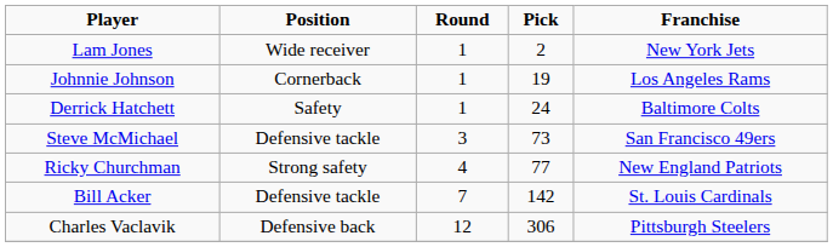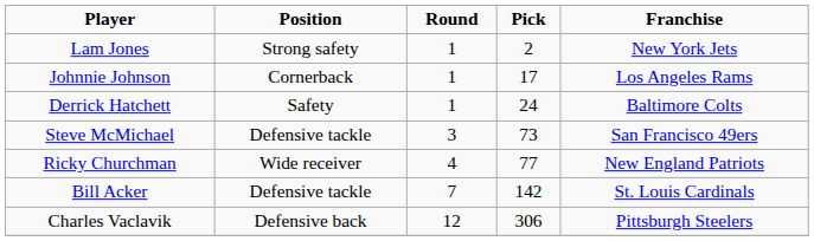 <table class="wikitable" width="80%">
 <tr align="center">
 <td><strong>Player</strong></td>
 <td><strong>Position</strong></td>
 <td><strong>Round</strong></td>
 <td><strong>Pick</strong></td>
 <td><strong>Franchise</strong></td>
 </tr>
 <tr align="center" bgcolor="">
 <td><a href='#'>Lam Jones</a></td>
-<td>Wide receiver</td>
+<td>Strong safety</td>
 <td>1</td>
 <td>2</td>
 <td><a href='#'>New York Jets</a></td>
 </tr>
 <tr align="center" bgcolor="">
 <td><a href='#'>Johnnie Johnson</a></td>
 <td>Cornerback</td>
 <td>1</td>
-<td>19</td>
+<td>17</td>
 <td><a href='#'>Los Angeles Rams</a></td>
 </tr>
 <tr align="center" bgcolor="">
 <td><a href='#'>Derrick Hatchett</a></td>
 <td>Safety</td>
 <td>1</td>
 <td>24</td>
 <td><a href='#'>Baltimore Colts</a></td>
 </tr>
 <tr align="center" bgcolor="">
 <td><a href='#'>Steve McMichael</a></td>
 <td>Defensive tackle</td>
 <td>3</td>
 <td>73</td>
 <td><a href='#'>San Francisco 49ers</a></td>
 </tr>
 <tr align="center" bgcolor="">
 <td><a href='#'>Ricky Churchman</a></td>
-<td>Strong safety</td>
+<td>Wide receiver</td>
 <td>4</td>
 <td>77</td>
 <td><a href='#'>New England Patriots</a></td>
 </tr>
 <tr align="center" bgcolor="">
 <td><a href='#'>Bill Acker</a></td>
 <td>Defensive tackle</td>
 <td>7</td>
 <td>142</td>
 <td><a href='#'>St. Louis Cardinals</a></td>
 </tr>
 <tr align="center" bgcolor="">
 <td>Charles Vaclavik</td>
 <td>Defensive back</td>
 <td>12</td>
 <td>306</td>
 <td><a href='#'>Pittsburgh Steelers</a></td>
 </tr>
 <tr align="center" bgcolor="">
 </tr>
 </table>
